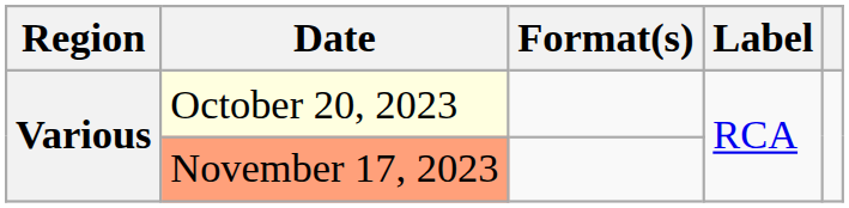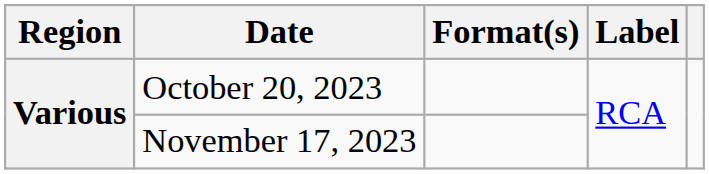 <table class="wikitable plainrowheaders">
 <tr>
 <th scope="col">Region</th>
 <th scope="col">Date</th>
 <th scope="col">Format(s)</th>
 <th scope="col">Label</th>
 <th scope="col"></th>
 </tr>
 <tr>
 <th rowspan="2" scope="row">Various</th>
-<td style="background: lightyellow;">October 20, 2023</td>
+<td>October 20, 2023</td>
 <td></td>
 <td rowspan="2"><a href='#'>RCA</a></td>
 <td rowspan="2" align="center"></td>
 </tr>
 <tr>
-<td style="background: lightsalmon;">November 17, 2023</td>
+<td>November 17, 2023</td>
 <td></td>
 </tr>
 </table>
